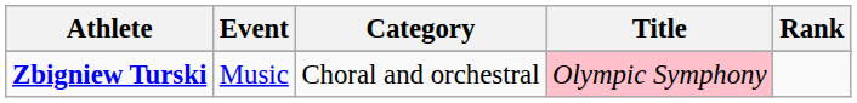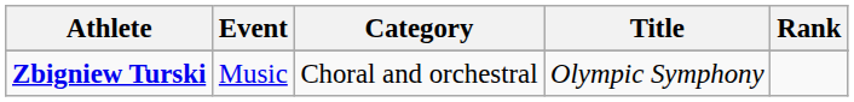 <table class="wikitable" style="font-size:95%">
 <tr>
 <th rowspan="1">Athlete</th>
 <th rowspan="1">Event</th>
 <th colspan="1">Category</th>
 <th colspan=1>Title</th>
 <th colspan=1>Rank</th>
 </tr>
 <tr style="font-size:95%">
 </tr>
 <tr align=center>
 <td align=left><strong><a href='#'>Zbigniew Turski</a> </strong></td>
 <td align=left><a href='#'>Music</a></td>
 <td>Choral and orchestral</td>
-<td style="background: pink;"><em>Olympic Symphony</em></td>
+<td><em>Olympic Symphony</em></td>
 <td></td>
 </tr>
 </table>
